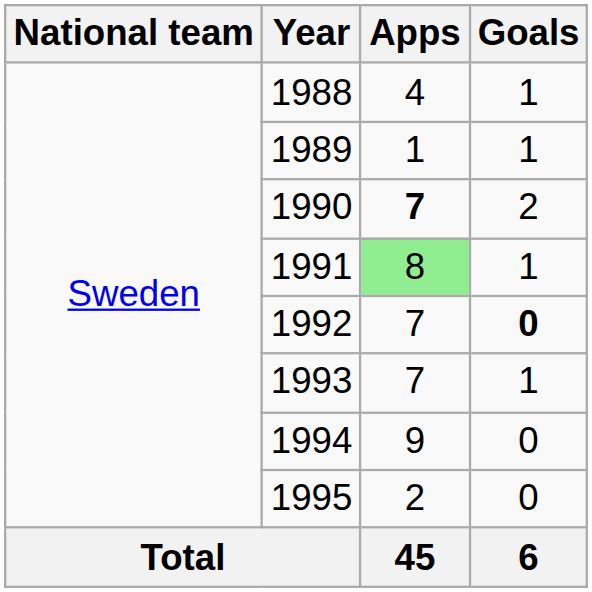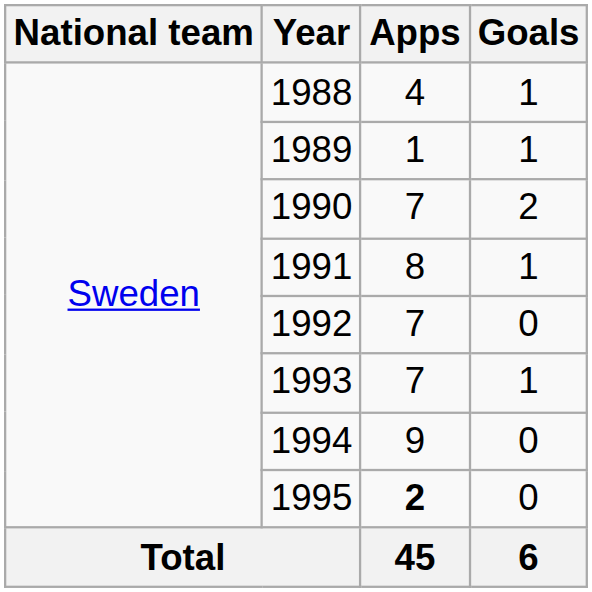 <table class="wikitable" style="text-align:center">
 <tr>
 <th>National team</th>
 <th>Year</th>
 <th>Apps</th>
 <th>Goals</th>
 </tr>
 <tr>
 <td rowspan="8"><a href='#'>Sweden</a></td>
 <td>1988</td>
 <td>4</td>
 <td>1</td>
 </tr>
 <tr>
 <td>1989</td>
 <td>1</td>
 <td>1</td>
 </tr>
 <tr>
 <td>1990</td>
-<td><strong>7</strong></td>
+<td>7</td>
 <td>2</td>
 </tr>
 <tr>
 <td>1991</td>
-<td style="background: lightgreen;">8</td>
+<td>8</td>
 <td>1</td>
 </tr>
 <tr>
 <td>1992</td>
 <td>7</td>
-<td><strong>0</strong></td>
+<td>0</td>
 </tr>
 <tr>
 <td>1993</td>
 <td>7</td>
 <td>1</td>
 </tr>
 <tr>
 <td>1994</td>
 <td>9</td>
 <td>0</td>
 </tr>
 <tr>
 <td>1995</td>
-<td>2</td>
+<td><strong>2</strong></td>
 <td>0</td>
 </tr>
 <tr>
 <th colspan="2">Total</th>
 <th>45</th>
 <th>6</th>
 </tr>
 </table>
